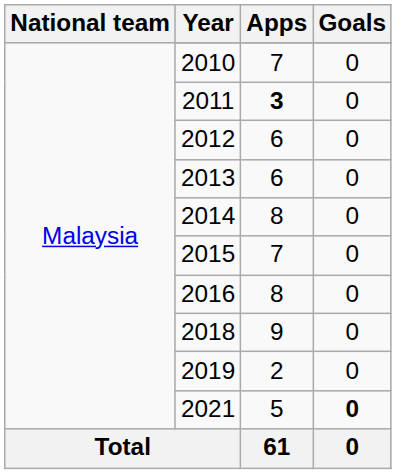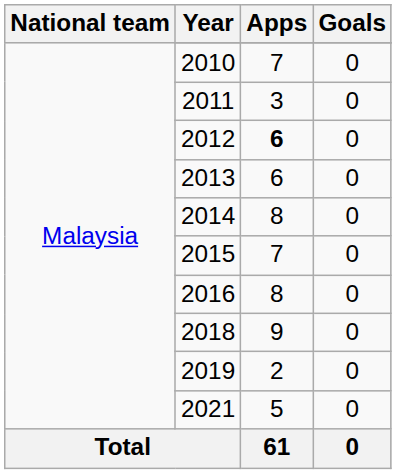 <table class="wikitable" style="text-align: center;">
 <tr>
 <th>National team</th>
 <th>Year</th>
 <th>Apps</th>
 <th>Goals</th>
 </tr>
 <tr>
 <td rowspan="11"><a href='#'>Malaysia</a></td>
 </tr>
 <tr>
 <td>2010</td>
 <td>7</td>
 <td>0</td>
 </tr>
 <tr>
 <td>2011</td>
-<td><strong>3</strong></td>
+<td>3</td>
 <td>0</td>
 </tr>
 <tr>
 <td>2012</td>
-<td>6</td>
+<td><strong>6</strong></td>
 <td>0</td>
 </tr>
 <tr>
 <td>2013</td>
 <td>6</td>
 <td>0</td>
 </tr>
 <tr>
 <td>2014</td>
 <td>8</td>
 <td>0</td>
 </tr>
 <tr>
 <td>2015</td>
 <td>7</td>
 <td>0</td>
 </tr>
 <tr>
 <td>2016</td>
 <td>8</td>
 <td>0</td>
 </tr>
 <tr>
 <td>2018</td>
 <td>9</td>
 <td>0</td>
 </tr>
 <tr>
 <td>2019</td>
 <td>2</td>
 <td>0</td>
 </tr>
 <tr>
 <td>2021</td>
 <td>5</td>
-<td><strong>0</strong></td>
+<td>0</td>
 </tr>
 <tr>
 <th colspan=2>Total</th>
 <th>61</th>
 <th>0</th>
 </tr>
 </table>
